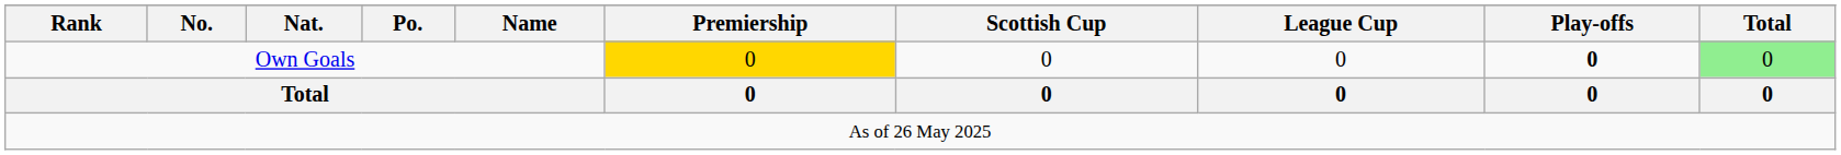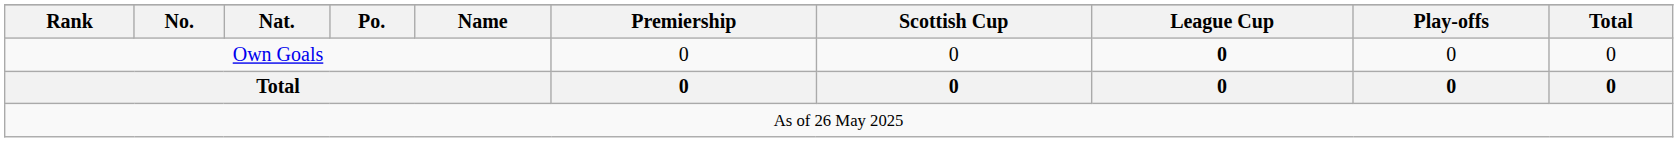 <table class="wikitable"  style="text-align:center; font-size:90%; width:95%;">
 <tr>
 </tr>
 <tr>
 <th>Rank</th>
 <th>No.</th>
 <th>Nat.</th>
 <th>Po.</th>
 <th>Name</th>
 <th>Premiership</th>
 <th>Scottish Cup</th>
 <th>League Cup</th>
 <th>Play-offs</th>
 <th>Total</th>
 </tr>
 <tr>
 <td colspan="5"><a href='#'>Own Goals</a></td>
-<td style="background: gold;">0</td>
 <td>0</td>
 <td>0</td>
 <td><strong>0</strong></td>
-<td style="background: lightgreen;">0</td>
+<td>0</td>
+<td>0</td>
 </tr>
 <tr>
 <th colspan="5" style="text-align:center;"><strong>Total</strong></th>
 <th><strong>0</strong></th>
 <th><strong>0</strong></th>
 <th><strong>0</strong></th>
 <th><strong>0</strong></th>
 <th><strong>0</strong></th>
 </tr>
 <tr>
 <td colspan="10"><small>As of 26 May 2025</small></td>
 </tr>
 </table>
